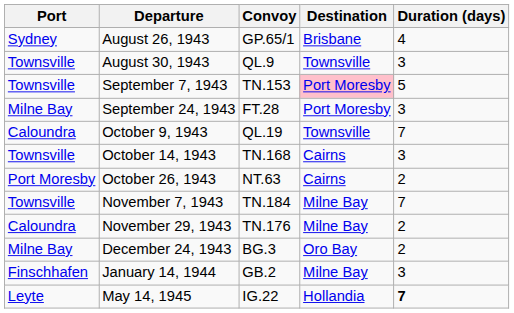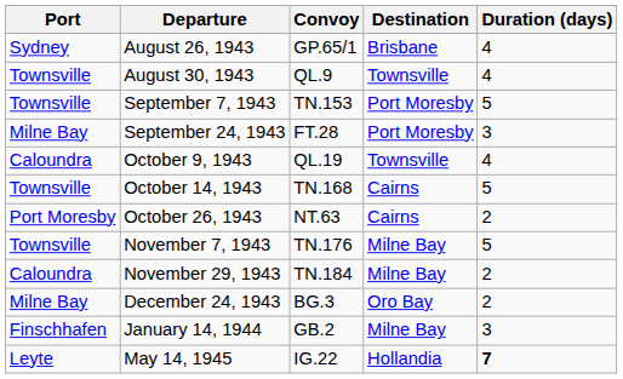 <table class="wikitable sortable">
 <tr>
 <th>Port</th>
 <th>Departure</th>
 <th>Convoy</th>
 <th>Destination</th>
 <th>Duration (days)</th>
 </tr>
 <tr>
 <td><a href='#'>Sydney</a></td>
 <td>August 26, 1943</td>
 <td>GP.65/1</td>
 <td><a href='#'>Brisbane</a></td>
 <td>4</td>
 </tr>
 <tr>
 <td><a href='#'>Townsville</a></td>
 <td>August 30, 1943</td>
 <td>QL.9</td>
 <td><a href='#'>Townsville</a></td>
-<td>3</td>
+<td>4</td>
 </tr>
 <tr>
 <td><a href='#'>Townsville</a></td>
 <td>September 7, 1943</td>
 <td>TN.153</td>
-<td style="background: pink;"><a href='#'>Port Moresby</a></td>
+<td><a href='#'>Port Moresby</a></td>
 <td>5</td>
 </tr>
 <tr>
 <td><a href='#'>Milne Bay</a></td>
 <td>September 24, 1943</td>
 <td>FT.28</td>
 <td><a href='#'>Port Moresby</a></td>
 <td>3</td>
 </tr>
 <tr>
 <td><a href='#'>Caloundra</a></td>
 <td>October 9, 1943</td>
 <td>QL.19</td>
 <td><a href='#'>Townsville</a></td>
-<td>7</td>
+<td>4</td>
 </tr>
 <tr>
 <td><a href='#'>Townsville</a></td>
 <td>October 14, 1943</td>
 <td>TN.168</td>
 <td><a href='#'>Cairns</a></td>
-<td>3</td>
+<td>5</td>
 </tr>
 <tr>
 <td><a href='#'>Port Moresby</a></td>
 <td>October 26, 1943</td>
 <td>NT.63</td>
 <td><a href='#'>Cairns</a></td>
 <td>2</td>
 </tr>
 <tr>
 <td><a href='#'>Townsville</a></td>
 <td>November 7, 1943</td>
-<td>TN.184</td>
+<td>TN.176</td>
 <td><a href='#'>Milne Bay</a></td>
-<td>7</td>
+<td>5</td>
 </tr>
 <tr>
 <td><a href='#'>Caloundra</a></td>
 <td>November 29, 1943</td>
-<td>TN.176</td>
+<td>TN.184</td>
 <td><a href='#'>Milne Bay</a></td>
 <td>2</td>
 </tr>
 <tr>
 <td><a href='#'>Milne Bay</a></td>
 <td>December 24, 1943</td>
 <td>BG.3</td>
 <td><a href='#'>Oro Bay</a></td>
 <td>2</td>
 </tr>
 <tr>
 <td><a href='#'>Finschhafen</a></td>
 <td>January 14, 1944</td>
 <td>GB.2</td>
 <td><a href='#'>Milne Bay</a></td>
 <td>3</td>
 </tr>
 <tr>
 <td><a href='#'>Leyte</a></td>
 <td>May 14, 1945</td>
 <td>IG.22</td>
 <td><a href='#'>Hollandia</a></td>
 <td><strong>7</strong></td>
 </tr>
 </table>
